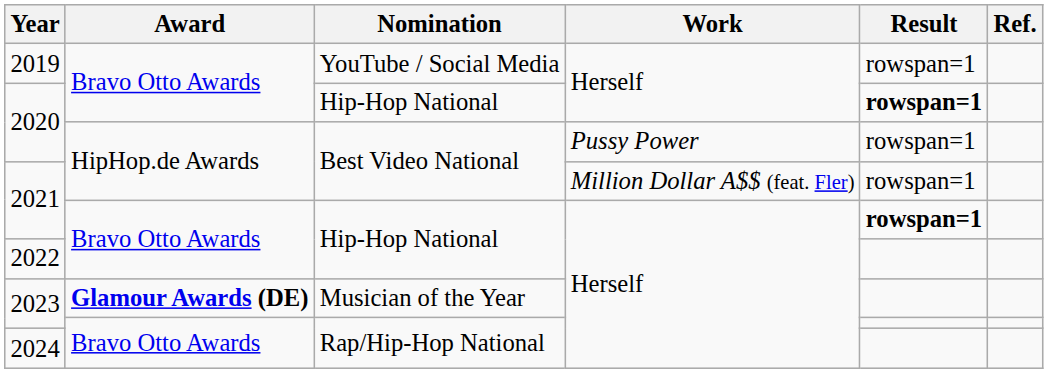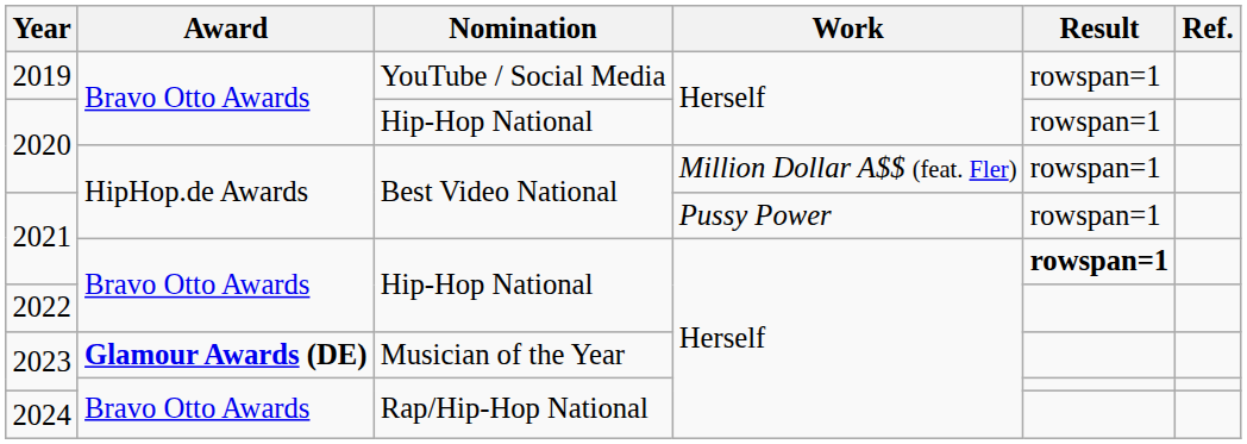 <table class="wikitable">
 <tr>
 <th>Year</th>
 <th>Award</th>
 <th>Nomination</th>
 <th>Work</th>
 <th>Result</th>
 <th>Ref.</th>
 </tr>
 <tr>
 <td>2019</td>
 <td rowspan="2"><a href='#'>Bravo Otto Awards</a></td>
 <td>YouTube / Social Media</td>
 <td rowspan="2">Herself</td>
 <td>rowspan=1 </td>
 <td></td>
 </tr>
 <tr>
 <td rowspan="2">2020</td>
 <td>Hip-Hop National</td>
-<td><strong>rowspan=1 </strong></td>
+<td>rowspan=1 </td>
 <td></td>
 </tr>
 <tr>
 <td rowspan="2">HipHop.de Awards</td>
 <td rowspan="2">Best Video National</td>
-<td><em>Pussy Power</em></td>
+<td><em>Million Dollar A$$</em> <small>(feat. <a href='#'>Fler</a>)</small></td>
 <td>rowspan=1 </td>
 <td></td>
 </tr>
 <tr>
 <td rowspan="2">2021</td>
-<td><em>Million Dollar A$$</em> <small>(feat. <a href='#'>Fler</a>)</small></td>
+<td><em>Pussy Power</em></td>
 <td>rowspan=1 </td>
 <td></td>
 </tr>
 <tr>
 <td rowspan="2"><a href='#'>Bravo Otto Awards</a></td>
 <td rowspan="2">Hip-Hop National</td>
 <td rowspan="5">Herself</td>
 <td><strong>rowspan=1 </strong></td>
 <td></td>
 </tr>
 <tr>
 <td>2022</td>
 <td></td>
 <td></td>
 </tr>
 <tr>
 <td rowspan="2">2023</td>
 <td><strong><a href='#'>Glamour Awards</a> (DE)</strong></td>
 <td>Musician of the Year</td>
 <td></td>
 <td></td>
 </tr>
 <tr>
 <td rowspan="2"><a href='#'>Bravo Otto Awards</a></td>
 <td rowspan="2">Rap/Hip-Hop National</td>
 <td></td>
 <td></td>
 </tr>
 <tr>
 <td>2024</td>
 <td></td>
 <td></td>
 </tr>
 </table>
